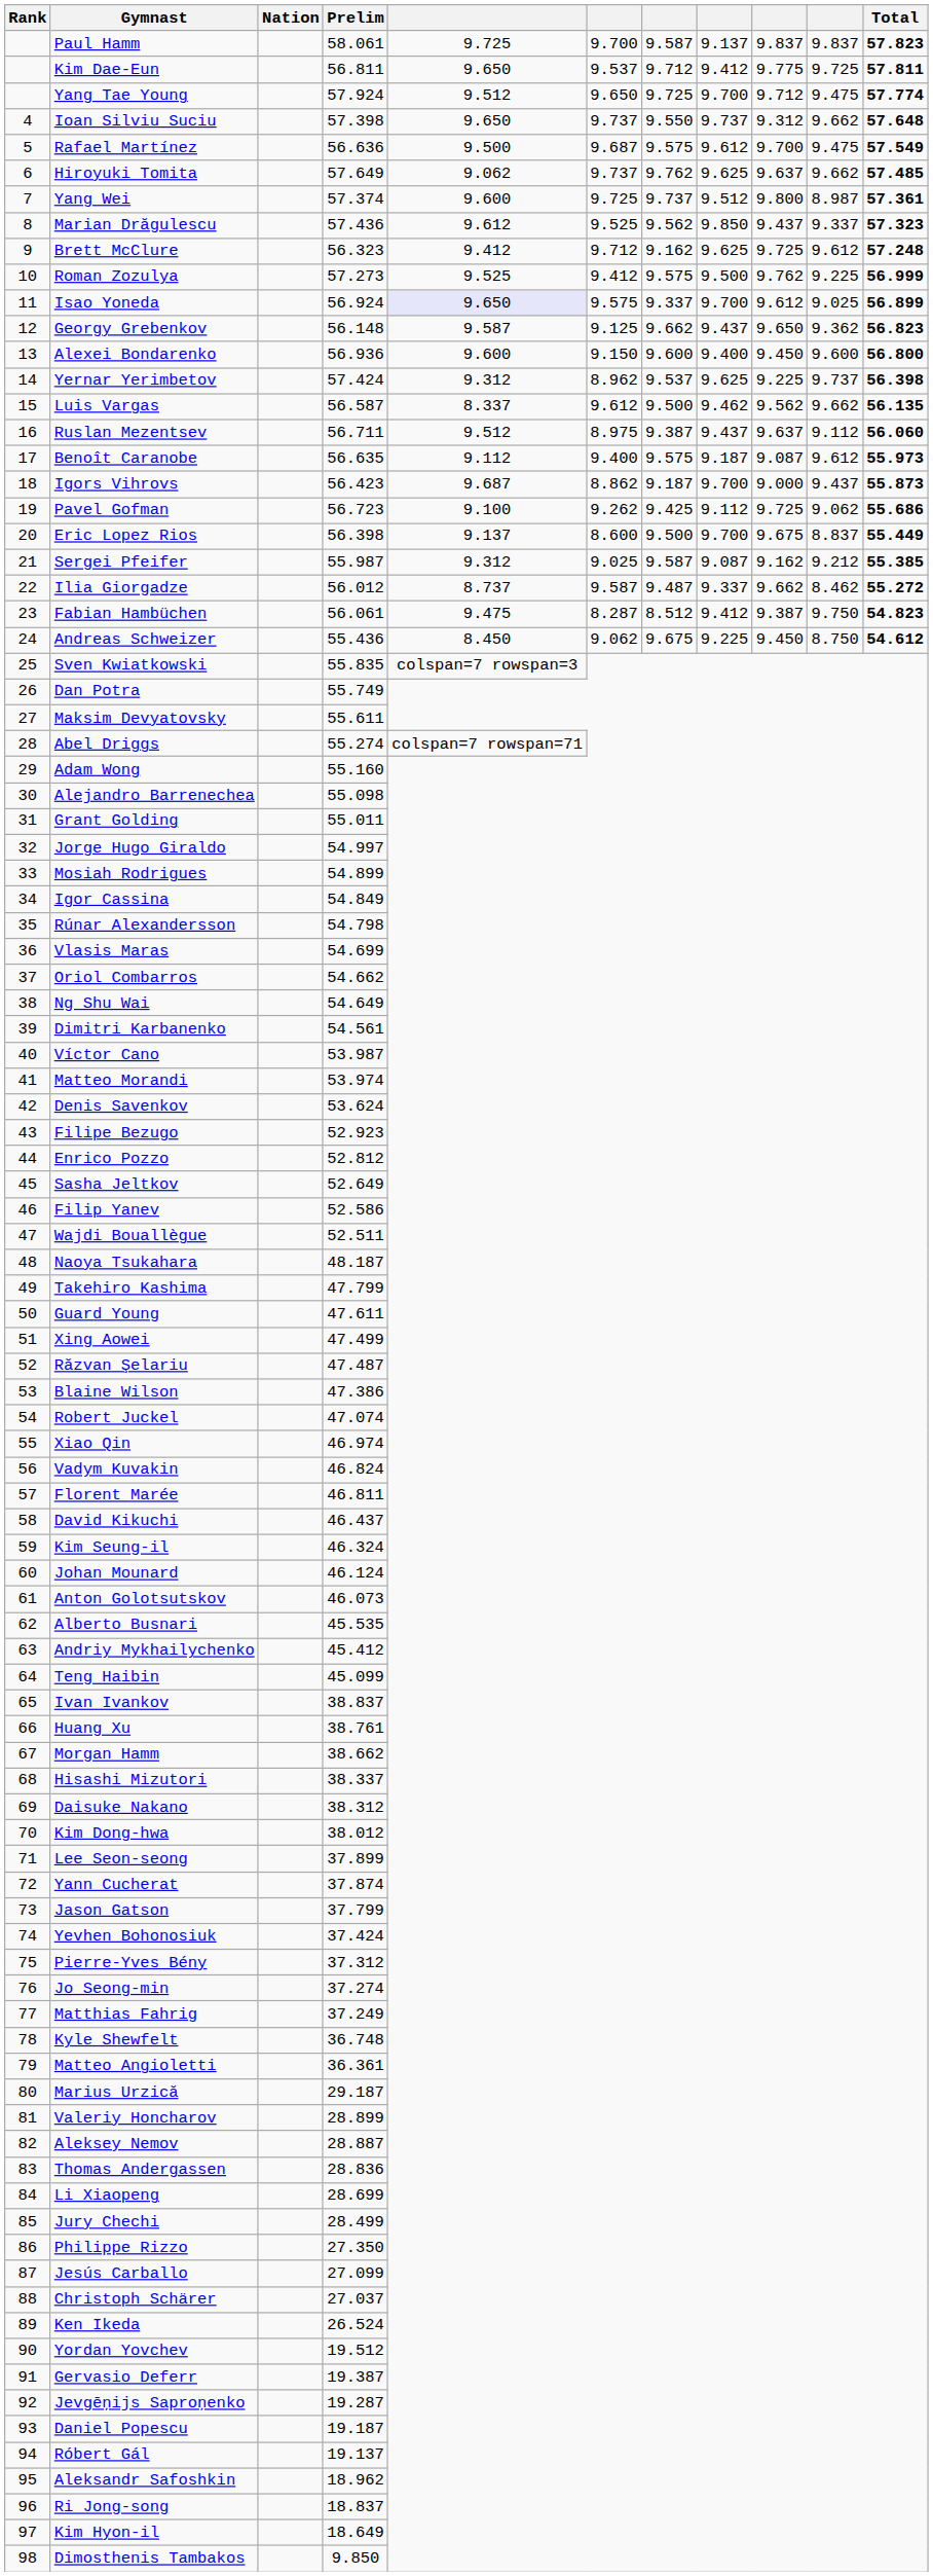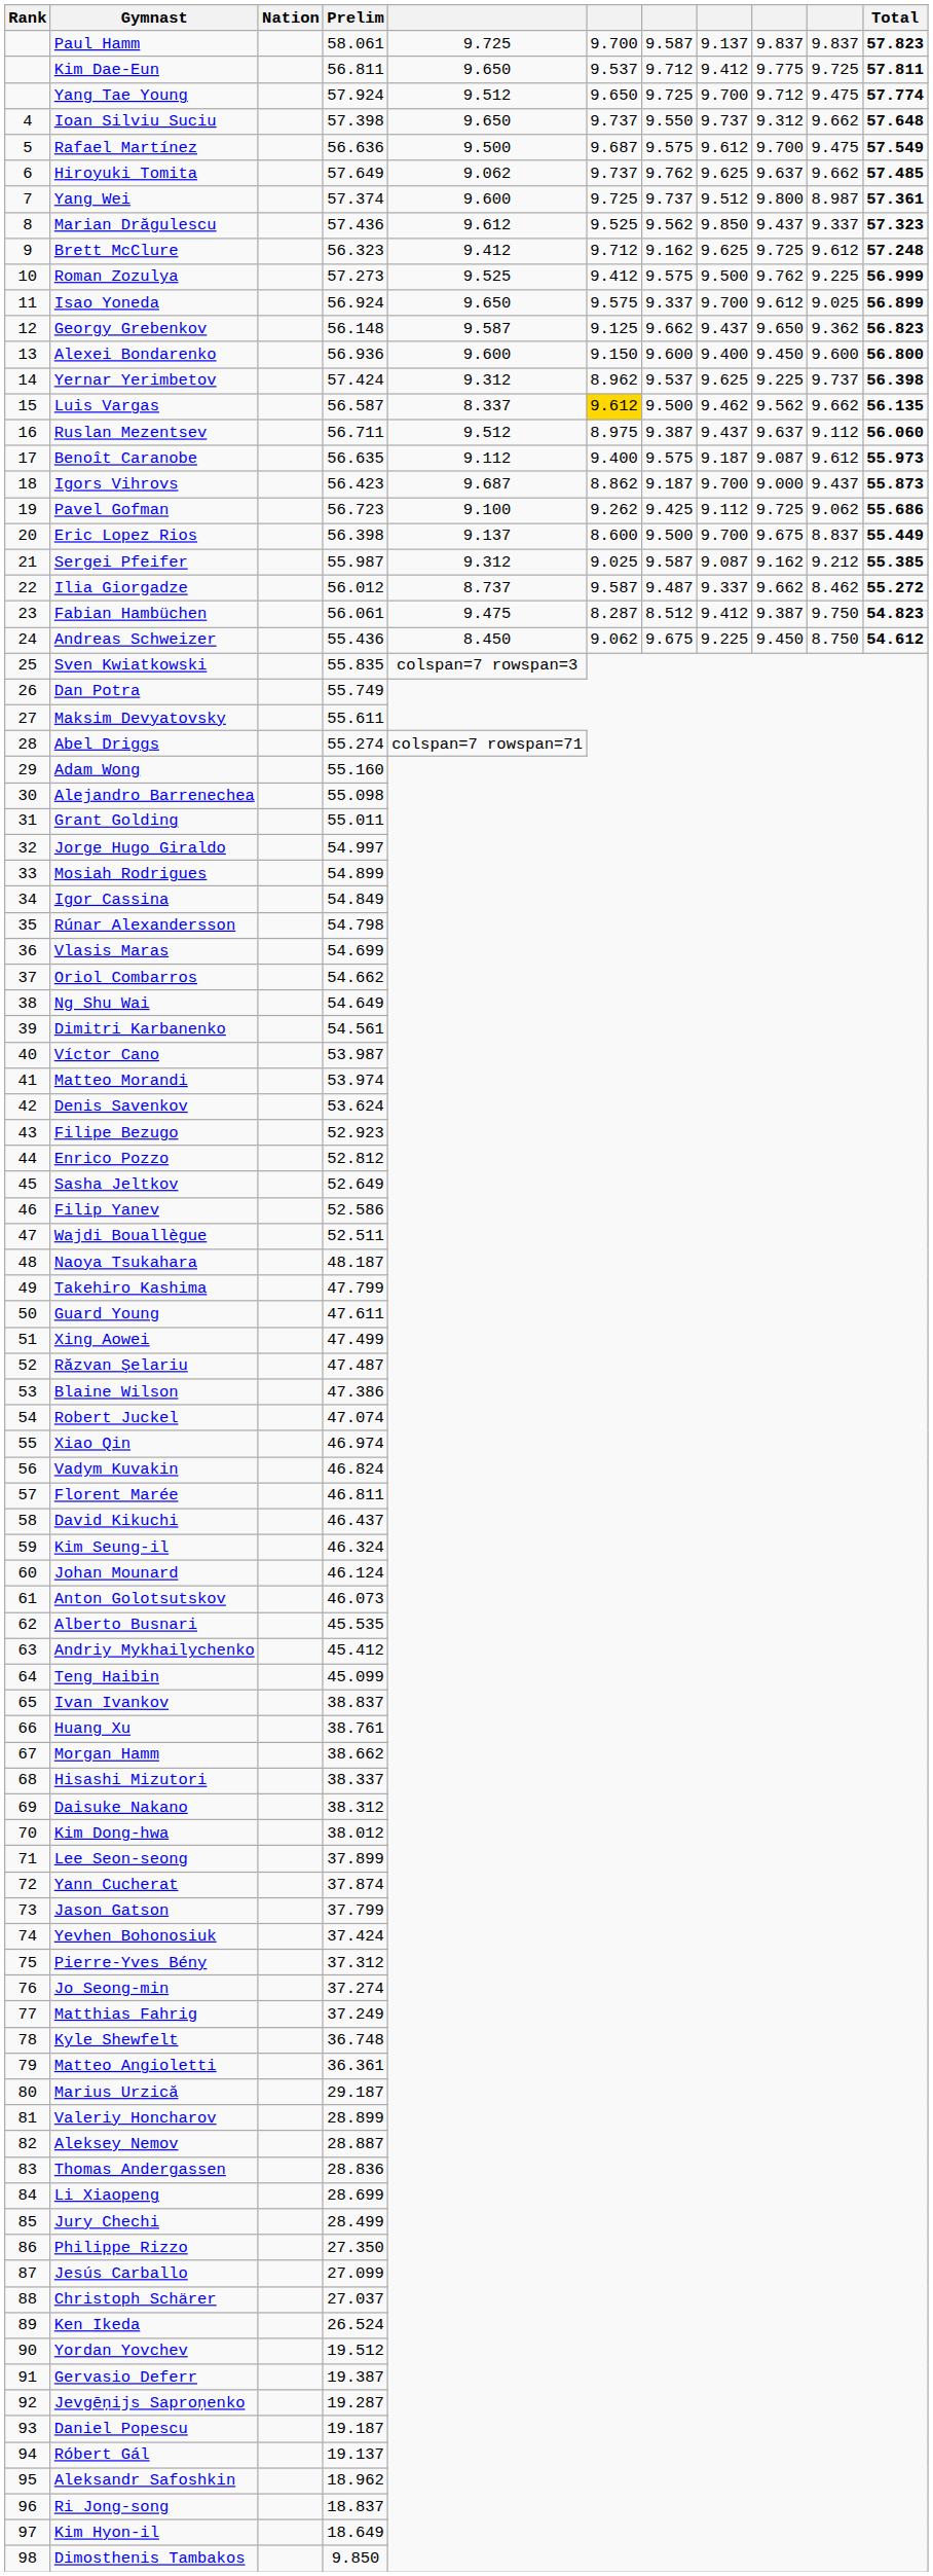 <table class="wikitable sortable" style="text-align:center">
 <tr>
 <th>Rank</th>
 <th>Gymnast</th>
 <th>Nation</th>
 <th>Prelim</th>
 <th></th>
 <th></th>
 <th></th>
 <th></th>
 <th></th>
 <th></th>
 <th>Total</th>
 </tr>
 <tr>
 <td></td>
 <td align=left><a href='#'>Paul Hamm</a></td>
 <td align=left></td>
 <td>58.061</td>
 <td>9.725</td>
 <td>9.700</td>
 <td>9.587</td>
 <td>9.137</td>
 <td>9.837</td>
 <td>9.837</td>
 <td><strong>57.823</strong></td>
 </tr>
 <tr>
 <td></td>
 <td align=left><a href='#'>Kim Dae-Eun</a></td>
 <td align=left></td>
 <td>56.811</td>
 <td>9.650</td>
 <td>9.537</td>
 <td>9.712</td>
 <td>9.412</td>
 <td>9.775</td>
 <td>9.725</td>
 <td><strong>57.811</strong></td>
 </tr>
 <tr>
 <td></td>
 <td align=left><a href='#'>Yang Tae Young</a></td>
 <td align=left></td>
 <td>57.924</td>
 <td>9.512</td>
 <td>9.650</td>
 <td>9.725</td>
 <td>9.700</td>
 <td>9.712</td>
 <td>9.475</td>
 <td><strong>57.774</strong></td>
 </tr>
 <tr>
 <td>4</td>
 <td align=left><a href='#'>Ioan Silviu Suciu</a></td>
 <td align=left></td>
 <td>57.398</td>
 <td>9.650</td>
 <td>9.737</td>
 <td>9.550</td>
 <td>9.737</td>
 <td>9.312</td>
 <td>9.662</td>
 <td><strong>57.648</strong></td>
 </tr>
 <tr>
 <td>5</td>
 <td align=left><a href='#'>Rafael Martínez</a></td>
 <td align=left></td>
 <td>56.636</td>
 <td>9.500</td>
 <td>9.687</td>
 <td>9.575</td>
 <td>9.612</td>
 <td>9.700</td>
 <td>9.475</td>
 <td><strong>57.549</strong></td>
 </tr>
 <tr>
 <td>6</td>
 <td align=left><a href='#'>Hiroyuki Tomita</a></td>
 <td align=left></td>
 <td>57.649</td>
 <td>9.062</td>
 <td>9.737</td>
 <td>9.762</td>
 <td>9.625</td>
 <td>9.637</td>
 <td>9.662</td>
 <td><strong>57.485</strong></td>
 </tr>
 <tr>
 <td>7</td>
 <td align=left><a href='#'>Yang Wei</a></td>
 <td align=left></td>
 <td>57.374</td>
 <td>9.600</td>
 <td>9.725</td>
 <td>9.737</td>
 <td>9.512</td>
 <td>9.800</td>
 <td>8.987</td>
 <td><strong>57.361</strong></td>
 </tr>
 <tr>
 <td>8</td>
 <td align=left><a href='#'>Marian Drăgulescu</a></td>
 <td align=left></td>
 <td>57.436</td>
 <td>9.612</td>
 <td>9.525</td>
 <td>9.562</td>
 <td>9.850</td>
 <td>9.437</td>
 <td>9.337</td>
 <td><strong>57.323</strong></td>
 </tr>
 <tr>
 <td>9</td>
 <td align=left><a href='#'>Brett McClure</a></td>
 <td align=left></td>
 <td>56.323</td>
 <td>9.412</td>
 <td>9.712</td>
 <td>9.162</td>
 <td>9.625</td>
 <td>9.725</td>
 <td>9.612</td>
 <td><strong>57.248</strong></td>
 </tr>
 <tr>
 <td>10</td>
 <td align=left><a href='#'>Roman Zozulya</a></td>
 <td align=left></td>
 <td>57.273</td>
 <td>9.525</td>
 <td>9.412</td>
 <td>9.575</td>
 <td>9.500</td>
 <td>9.762</td>
 <td>9.225</td>
 <td><strong>56.999</strong></td>
 </tr>
 <tr>
 <td>11</td>
 <td align=left><a href='#'>Isao Yoneda</a></td>
 <td align=left></td>
 <td>56.924</td>
-<td style="background: lavender;">9.650</td>
+<td>9.650</td>
 <td>9.575</td>
 <td>9.337</td>
 <td>9.700</td>
 <td>9.612</td>
 <td>9.025</td>
 <td><strong>56.899</strong></td>
 </tr>
 <tr>
 <td>12</td>
 <td align=left><a href='#'>Georgy Grebenkov</a></td>
 <td align=left></td>
 <td>56.148</td>
 <td>9.587</td>
 <td>9.125</td>
 <td>9.662</td>
 <td>9.437</td>
 <td>9.650</td>
 <td>9.362</td>
 <td><strong>56.823</strong></td>
 </tr>
 <tr>
 <td>13</td>
 <td align=left><a href='#'>Alexei Bondarenko</a></td>
 <td align=left></td>
 <td>56.936</td>
 <td>9.600</td>
 <td>9.150</td>
 <td>9.600</td>
 <td>9.400</td>
 <td>9.450</td>
 <td>9.600</td>
 <td><strong>56.800</strong></td>
 </tr>
 <tr>
 <td>14</td>
 <td align=left><a href='#'>Yernar Yerimbetov</a></td>
 <td align=left></td>
 <td>57.424</td>
 <td>9.312</td>
 <td>8.962</td>
 <td>9.537</td>
 <td>9.625</td>
 <td>9.225</td>
 <td>9.737</td>
 <td><strong>56.398</strong></td>
 </tr>
 <tr>
 <td>15</td>
 <td align=left><a href='#'>Luis Vargas</a></td>
 <td align=left></td>
 <td>56.587</td>
 <td>8.337</td>
-<td>9.612</td>
+<td style="background: gold;">9.612</td>
 <td>9.500</td>
 <td>9.462</td>
 <td>9.562</td>
 <td>9.662</td>
 <td><strong>56.135</strong></td>
 </tr>
 <tr>
 <td>16</td>
 <td align=left><a href='#'>Ruslan Mezentsev</a></td>
 <td align=left></td>
 <td>56.711</td>
 <td>9.512</td>
 <td>8.975</td>
 <td>9.387</td>
 <td>9.437</td>
 <td>9.637</td>
 <td>9.112</td>
 <td><strong>56.060</strong></td>
 </tr>
 <tr>
 <td>17</td>
 <td align=left><a href='#'>Benoît Caranobe</a></td>
 <td align=left></td>
 <td>56.635</td>
 <td>9.112</td>
 <td>9.400</td>
 <td>9.575</td>
 <td>9.187</td>
 <td>9.087</td>
 <td>9.612</td>
 <td><strong>55.973</strong></td>
 </tr>
 <tr>
 <td>18</td>
 <td align=left><a href='#'>Igors Vihrovs</a></td>
 <td align=left></td>
 <td>56.423</td>
 <td>9.687</td>
 <td>8.862</td>
 <td>9.187</td>
 <td>9.700</td>
 <td>9.000</td>
 <td>9.437</td>
 <td><strong>55.873</strong></td>
 </tr>
 <tr>
 <td>19</td>
 <td align=left><a href='#'>Pavel Gofman</a></td>
 <td align=left></td>
 <td>56.723</td>
 <td>9.100</td>
 <td>9.262</td>
 <td>9.425</td>
 <td>9.112</td>
 <td>9.725</td>
 <td>9.062</td>
 <td><strong>55.686</strong></td>
 </tr>
 <tr>
 <td>20</td>
 <td align=left><a href='#'>Eric Lopez Rios</a></td>
 <td align=left></td>
 <td>56.398</td>
 <td>9.137</td>
 <td>8.600</td>
 <td>9.500</td>
 <td>9.700</td>
 <td>9.675</td>
 <td>8.837</td>
 <td><strong>55.449</strong></td>
 </tr>
 <tr>
 <td>21</td>
 <td align=left><a href='#'>Sergei Pfeifer</a></td>
 <td align=left></td>
 <td>55.987</td>
 <td>9.312</td>
 <td>9.025</td>
 <td>9.587</td>
 <td>9.087</td>
 <td>9.162</td>
 <td>9.212</td>
 <td><strong>55.385</strong></td>
 </tr>
 <tr>
 <td>22</td>
 <td align=left><a href='#'>Ilia Giorgadze</a></td>
 <td align=left></td>
 <td>56.012</td>
 <td>8.737</td>
 <td>9.587</td>
 <td>9.487</td>
 <td>9.337</td>
 <td>9.662</td>
 <td>8.462</td>
 <td><strong>55.272</strong></td>
 </tr>
 <tr>
 <td>23</td>
 <td align=left><a href='#'>Fabian Hambüchen</a></td>
 <td align=left></td>
 <td>56.061</td>
 <td>9.475</td>
 <td>8.287</td>
 <td>8.512</td>
 <td>9.412</td>
 <td>9.387</td>
 <td>9.750</td>
 <td><strong>54.823</strong></td>
 </tr>
 <tr>
 <td>24</td>
 <td align=left><a href='#'>Andreas Schweizer</a></td>
 <td align=left></td>
 <td>55.436</td>
 <td>8.450</td>
 <td>9.062</td>
 <td>9.675</td>
 <td>9.225</td>
 <td>9.450</td>
 <td>8.750</td>
 <td><strong>54.612</strong></td>
 </tr>
 <tr>
 <td>25</td>
 <td align=left><a href='#'>Sven Kwiatkowski</a></td>
 <td align="left"></td>
 <td>55.835</td>
 <td>colspan=7 rowspan=3 </td>
 </tr>
 <tr>
 <td>26</td>
 <td align=left><a href='#'>Dan Potra</a></td>
 <td align="left"></td>
 <td>55.749</td>
 </tr>
 <tr>
 <td>27</td>
 <td align=left><a href='#'>Maksim Devyatovsky</a></td>
 <td align="left"></td>
 <td>55.611</td>
 </tr>
 <tr>
 <td>28</td>
 <td align=left><a href='#'>Abel Driggs</a></td>
 <td align="left"></td>
 <td>55.274</td>
 <td>colspan=7 rowspan=71 </td>
 </tr>
 <tr>
 <td>29</td>
 <td align=left><a href='#'>Adam Wong</a></td>
 <td align="left"></td>
 <td>55.160</td>
 </tr>
 <tr>
 <td>30</td>
 <td align=left><a href='#'>Alejandro Barrenechea</a></td>
 <td align="left"></td>
 <td>55.098</td>
 </tr>
 <tr>
 <td>31</td>
 <td align=left><a href='#'>Grant Golding</a></td>
 <td align="left"></td>
 <td>55.011</td>
 </tr>
 <tr>
 <td>32</td>
 <td align=left><a href='#'>Jorge Hugo Giraldo</a></td>
 <td align="left"></td>
 <td>54.997</td>
 </tr>
 <tr>
 <td>33</td>
 <td align=left><a href='#'>Mosiah Rodrigues</a></td>
 <td align="left"></td>
 <td>54.899</td>
 </tr>
 <tr>
 <td>34</td>
 <td align=left><a href='#'>Igor Cassina</a></td>
 <td align="left"></td>
 <td>54.849</td>
 </tr>
 <tr>
 <td>35</td>
 <td align=left><a href='#'>Rúnar Alexandersson</a></td>
 <td align="left"></td>
 <td>54.798</td>
 </tr>
 <tr>
 <td>36</td>
 <td align=left><a href='#'>Vlasis Maras</a></td>
 <td align="left"></td>
 <td>54.699</td>
 </tr>
 <tr>
 <td>37</td>
 <td align=left><a href='#'>Oriol Combarros</a></td>
 <td align="left"></td>
 <td>54.662</td>
 </tr>
 <tr>
 <td>38</td>
 <td align=left><a href='#'>Ng Shu Wai</a></td>
 <td align="left"></td>
 <td>54.649</td>
 </tr>
 <tr>
 <td>39</td>
 <td align=left><a href='#'>Dimitri Karbanenko</a></td>
 <td align="left"></td>
 <td>54.561</td>
 </tr>
 <tr>
 <td>40</td>
 <td align=left><a href='#'>Víctor Cano</a></td>
 <td align="left"></td>
 <td>53.987</td>
 </tr>
 <tr>
 <td>41</td>
 <td align=left><a href='#'>Matteo Morandi</a></td>
 <td align="left"></td>
 <td>53.974</td>
 </tr>
 <tr>
 <td>42</td>
 <td align=left><a href='#'>Denis Savenkov</a></td>
 <td align="left"></td>
 <td>53.624</td>
 </tr>
 <tr>
 <td>43</td>
 <td align=left><a href='#'>Filipe Bezugo</a></td>
 <td align="left"></td>
 <td>52.923</td>
 </tr>
 <tr>
 <td>44</td>
 <td align=left><a href='#'>Enrico Pozzo</a></td>
 <td align="left"></td>
 <td>52.812</td>
 </tr>
 <tr>
 <td>45</td>
 <td align=left><a href='#'>Sasha Jeltkov</a></td>
 <td align="left"></td>
 <td>52.649</td>
 </tr>
 <tr>
 <td>46</td>
 <td align=left><a href='#'>Filip Yanev</a></td>
 <td align="left"></td>
 <td>52.586</td>
 </tr>
 <tr>
 <td>47</td>
 <td align=left><a href='#'>Wajdi Bouallègue</a></td>
 <td align="left"></td>
 <td>52.511</td>
 </tr>
 <tr>
 <td>48</td>
 <td align=left><a href='#'>Naoya Tsukahara</a></td>
 <td align="left"></td>
 <td>48.187</td>
 </tr>
 <tr>
 <td>49</td>
 <td align=left><a href='#'>Takehiro Kashima</a></td>
 <td align="left"></td>
 <td>47.799</td>
 </tr>
 <tr>
 <td>50</td>
 <td align=left><a href='#'>Guard Young</a></td>
 <td align="left"></td>
 <td>47.611</td>
 </tr>
 <tr>
 <td>51</td>
 <td align=left><a href='#'>Xing Aowei</a></td>
 <td align="left"></td>
 <td>47.499</td>
 </tr>
 <tr>
 <td>52</td>
 <td align=left><a href='#'>Răzvan Şelariu</a></td>
 <td align="left"></td>
 <td>47.487</td>
 </tr>
 <tr>
 <td>53</td>
 <td align=left><a href='#'>Blaine Wilson</a></td>
 <td align="left"></td>
 <td>47.386</td>
 </tr>
 <tr>
 <td>54</td>
 <td align=left><a href='#'>Robert Juckel</a></td>
 <td align="left"></td>
 <td>47.074</td>
 </tr>
 <tr>
 <td>55</td>
 <td align=left><a href='#'>Xiao Qin</a></td>
 <td align="left"></td>
 <td>46.974</td>
 </tr>
 <tr>
 <td>56</td>
 <td align=left><a href='#'>Vadym Kuvakin</a></td>
 <td align="left"></td>
 <td>46.824</td>
 </tr>
 <tr>
 <td>57</td>
 <td align=left><a href='#'>Florent Marée</a></td>
 <td align="left"></td>
 <td>46.811</td>
 </tr>
 <tr>
 <td>58</td>
 <td align=left><a href='#'>David Kikuchi</a></td>
 <td align="left"></td>
 <td>46.437</td>
 </tr>
 <tr>
 <td>59</td>
 <td align=left><a href='#'>Kim Seung-il</a></td>
 <td align="left"></td>
 <td>46.324</td>
 </tr>
 <tr>
 <td>60</td>
 <td align=left><a href='#'>Johan Mounard</a></td>
 <td align="left"></td>
 <td>46.124</td>
 </tr>
 <tr>
 <td>61</td>
 <td align=left><a href='#'>Anton Golotsutskov</a></td>
 <td align="left"></td>
 <td>46.073</td>
 </tr>
 <tr>
 <td>62</td>
 <td align=left><a href='#'>Alberto Busnari</a></td>
 <td align="left"></td>
 <td>45.535</td>
 </tr>
 <tr>
 <td>63</td>
 <td align=left><a href='#'>Andriy Mykhailychenko</a></td>
 <td align="left"></td>
 <td>45.412</td>
 </tr>
 <tr>
 <td>64</td>
 <td align=left><a href='#'>Teng Haibin</a></td>
 <td align="left"></td>
 <td>45.099</td>
 </tr>
 <tr>
 <td>65</td>
 <td align=left><a href='#'>Ivan Ivankov</a></td>
 <td align="left"></td>
 <td>38.837</td>
 </tr>
 <tr>
 <td>66</td>
 <td align=left><a href='#'>Huang Xu</a></td>
 <td align="left"></td>
 <td>38.761</td>
 </tr>
 <tr>
 <td>67</td>
 <td align=left><a href='#'>Morgan Hamm</a></td>
 <td align="left"></td>
 <td>38.662</td>
 </tr>
 <tr>
 <td>68</td>
 <td align=left><a href='#'>Hisashi Mizutori</a></td>
 <td align="left"></td>
 <td>38.337</td>
 </tr>
 <tr>
 <td>69</td>
 <td align=left><a href='#'>Daisuke Nakano</a></td>
 <td align="left"></td>
 <td>38.312</td>
 </tr>
 <tr>
 <td>70</td>
 <td align=left><a href='#'>Kim Dong-hwa</a></td>
 <td align="left"></td>
 <td>38.012</td>
 </tr>
 <tr>
 <td>71</td>
 <td align=left><a href='#'>Lee Seon-seong</a></td>
 <td align="left"></td>
 <td>37.899</td>
 </tr>
 <tr>
 <td>72</td>
 <td align=left><a href='#'>Yann Cucherat</a></td>
 <td align="left"></td>
 <td>37.874</td>
 </tr>
 <tr>
 <td>73</td>
 <td align=left><a href='#'>Jason Gatson</a></td>
 <td align="left"></td>
 <td>37.799</td>
 </tr>
 <tr>
 <td>74</td>
 <td align=left><a href='#'>Yevhen Bohonosiuk</a></td>
 <td align="left"></td>
 <td>37.424</td>
 </tr>
 <tr>
 <td>75</td>
 <td align=left><a href='#'>Pierre-Yves Bény</a></td>
 <td align="left"></td>
 <td>37.312</td>
 </tr>
 <tr>
 <td>76</td>
 <td align=left><a href='#'>Jo Seong-min</a></td>
 <td align="left"></td>
 <td>37.274</td>
 </tr>
 <tr>
 <td>77</td>
 <td align=left><a href='#'>Matthias Fahrig</a></td>
 <td align="left"></td>
 <td>37.249</td>
 </tr>
 <tr>
 <td>78</td>
 <td align=left><a href='#'>Kyle Shewfelt</a></td>
 <td align="left"></td>
 <td>36.748</td>
 </tr>
 <tr>
 <td>79</td>
 <td align=left><a href='#'>Matteo Angioletti</a></td>
 <td align="left"></td>
 <td>36.361</td>
 </tr>
 <tr>
 <td>80</td>
 <td align=left><a href='#'>Marius Urzică</a></td>
 <td align="left"></td>
 <td>29.187</td>
 </tr>
 <tr>
 <td>81</td>
 <td align=left><a href='#'>Valeriy Honcharov</a></td>
 <td align="left"></td>
 <td>28.899</td>
 </tr>
 <tr>
 <td>82</td>
 <td align=left><a href='#'>Aleksey Nemov</a></td>
 <td align="left"></td>
 <td>28.887</td>
 </tr>
 <tr>
 <td>83</td>
 <td align=left><a href='#'>Thomas Andergassen</a></td>
 <td align="left"></td>
 <td>28.836</td>
 </tr>
 <tr>
 <td>84</td>
 <td align=left><a href='#'>Li Xiaopeng</a></td>
 <td align="left"></td>
 <td>28.699</td>
 </tr>
 <tr>
 <td>85</td>
 <td align=left><a href='#'>Jury Chechi</a></td>
 <td align="left"></td>
 <td>28.499</td>
 </tr>
 <tr>
 <td>86</td>
 <td align=left><a href='#'>Philippe Rizzo</a></td>
 <td align="left"></td>
 <td>27.350</td>
 </tr>
 <tr>
 <td>87</td>
 <td align=left><a href='#'>Jesús Carballo</a></td>
 <td align="left"></td>
 <td>27.099</td>
 </tr>
 <tr>
 <td>88</td>
 <td align=left><a href='#'>Christoph Schärer</a></td>
 <td align="left"></td>
 <td>27.037</td>
 </tr>
 <tr>
 <td>89</td>
 <td align=left><a href='#'>Ken Ikeda</a></td>
 <td align="left"></td>
 <td>26.524</td>
 </tr>
 <tr>
 <td>90</td>
 <td align=left><a href='#'>Yordan Yovchev</a></td>
 <td align="left"></td>
 <td>19.512</td>
 </tr>
 <tr>
 <td>91</td>
 <td align=left><a href='#'>Gervasio Deferr</a></td>
 <td align="left"></td>
 <td>19.387</td>
 </tr>
 <tr>
 <td>92</td>
 <td align=left><a href='#'>Jevgēņijs Saproņenko</a></td>
 <td align="left"></td>
 <td>19.287</td>
 </tr>
 <tr>
 <td>93</td>
 <td align=left><a href='#'>Daniel Popescu</a></td>
 <td align="left"></td>
 <td>19.187</td>
 </tr>
 <tr>
 <td>94</td>
 <td align=left><a href='#'>Róbert Gál</a></td>
 <td align="left"></td>
 <td>19.137</td>
 </tr>
 <tr>
 <td>95</td>
 <td align=left><a href='#'>Aleksandr Safoshkin</a></td>
 <td align="left"></td>
 <td>18.962</td>
 </tr>
 <tr>
 <td>96</td>
 <td align=left><a href='#'>Ri Jong-song</a></td>
 <td align="left"></td>
 <td>18.837</td>
 </tr>
 <tr>
 <td>97</td>
 <td align=left><a href='#'>Kim Hyon-il</a></td>
 <td align="left"></td>
 <td>18.649</td>
 </tr>
 <tr>
 <td>98</td>
 <td align=left><a href='#'>Dimosthenis Tambakos</a></td>
 <td align="left"></td>
 <td>9.850</td>
 </tr>
 </table>
